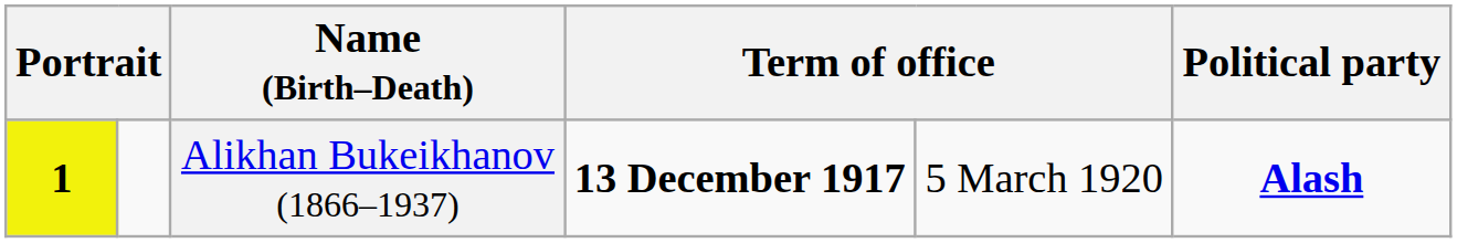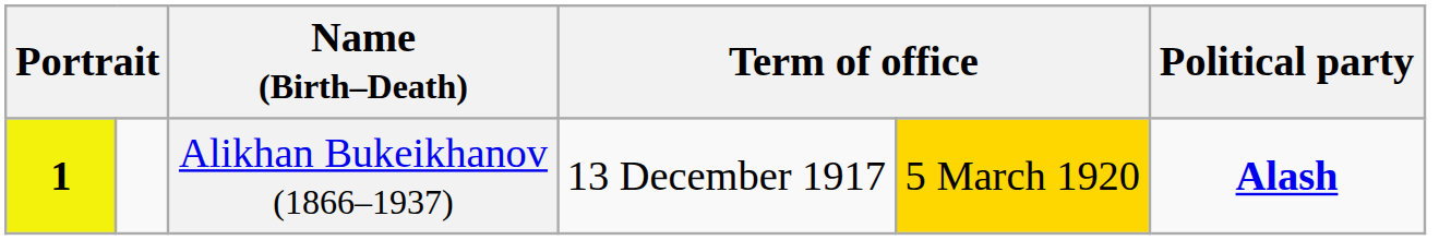 <table class="wikitable" style="text-align:center">
 <tr>
 <th colspan=2>Portrait</th>
 <th>Name<br><small>(Birth–Death)</small></th>
 <th colspan="2">Term of office</th>
 <th>Political party</th>
 </tr>
 <tr>
 <th align=center style="background: #f2f20c">1</th>
 <td></td>
 <th scope="row" style="font-weight:normal;"><a href='#'>Alikhan Bukeikhanov</a><br><small>(1866–1937)</small></th>
-<td><strong>13 December 1917</strong></td>
-<td>5 March 1920</td>
+<td>13 December 1917</td>
+<td style="background: gold;">5 March 1920</td>
 <td><strong><a href='#'>Alash</a></strong></td>
 </tr>
 </table>
